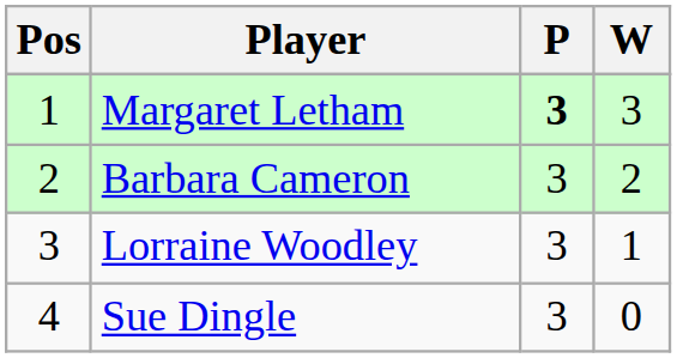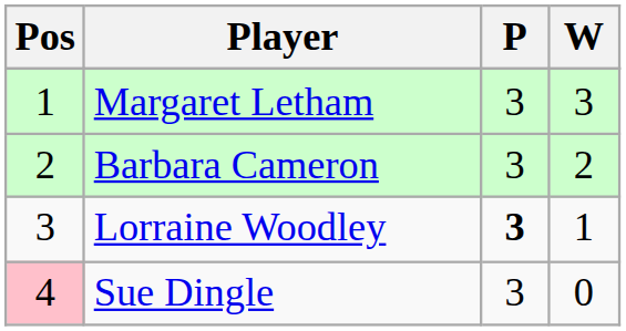 <table class="wikitable">
 <tr>
 <th width=20>Pos</th>
 <th width=150>Player</th>
 <th width=20>P</th>
 <th width=20>W</th>
 </tr>
 <tr>
 </tr>
 <tr align=center style="background: #ccffcc;">
 <td>1</td>
 <td align="left"> <a href='#'>Margaret Letham</a></td>
-<td><strong>3</strong></td>
+<td>3</td>
 <td>3</td>
 </tr>
 <tr align=center style="background: #ccffcc;">
 <td>2</td>
 <td align="left"> <a href='#'>Barbara Cameron</a></td>
 <td>3</td>
 <td>2</td>
 </tr>
 <tr align=center>
 <td>3</td>
 <td align="left"> <a href='#'>Lorraine Woodley</a></td>
-<td>3</td>
+<td><strong>3</strong></td>
 <td>1</td>
 </tr>
 <tr align=center>
-<td>4</td>
+<td style="background: pink;">4</td>
 <td align="left"> <a href='#'>Sue Dingle</a></td>
 <td>3</td>
 <td>0</td>
 </tr>
 </table>
